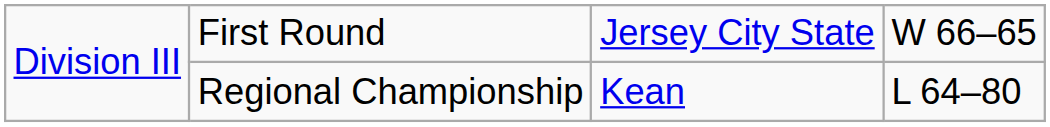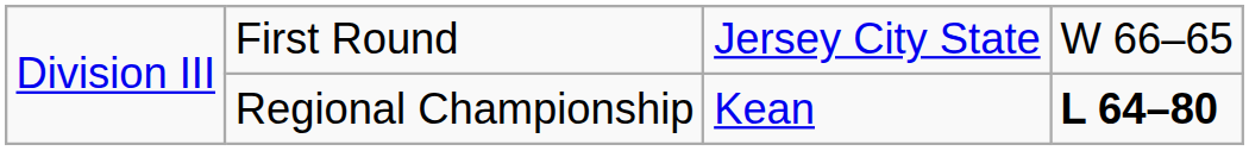 <table class="wikitable">
 <tr>
 <td rowspan="5"><a href='#'>Division III</a></td>
 <td>First Round</td>
 <td><a href='#'>Jersey City State</a></td>
 <td>W 66–65</td>
 </tr>
 <tr>
 <td>Regional Championship</td>
 <td><a href='#'>Kean</a></td>
-<td>L 64–80</td>
+<td><strong>L 64–80</strong></td>
 </tr>
 </table>
